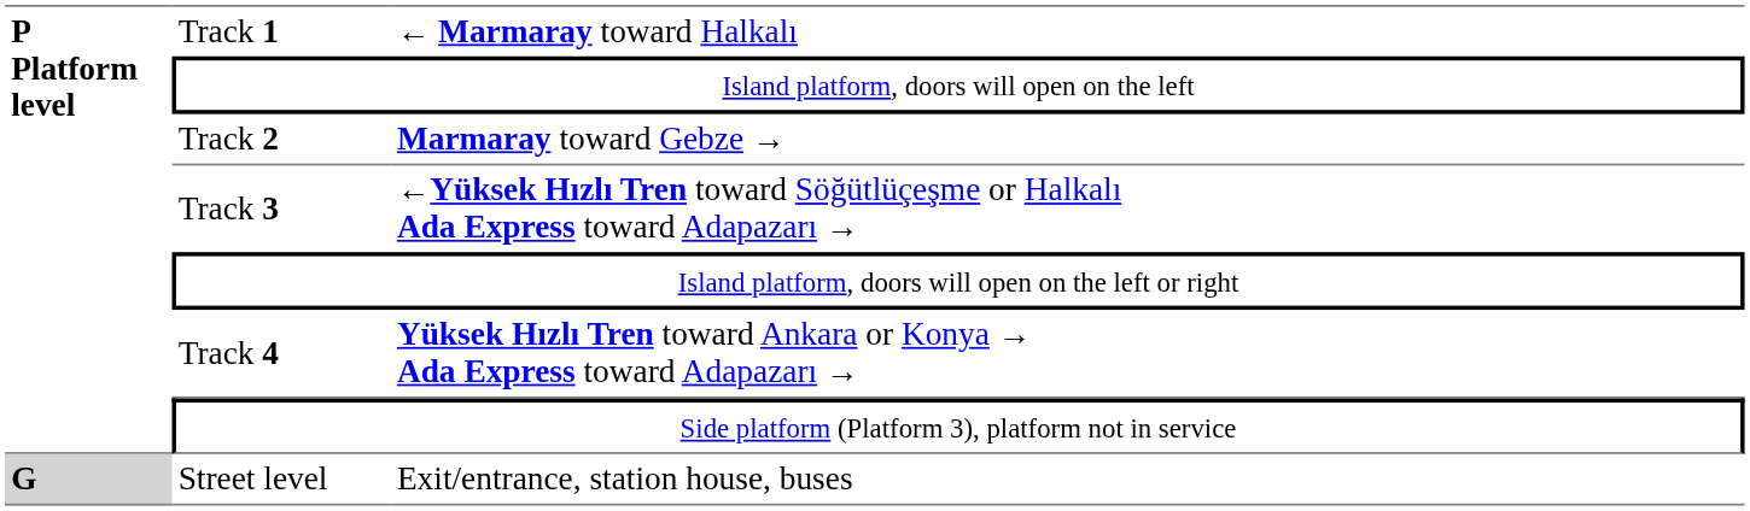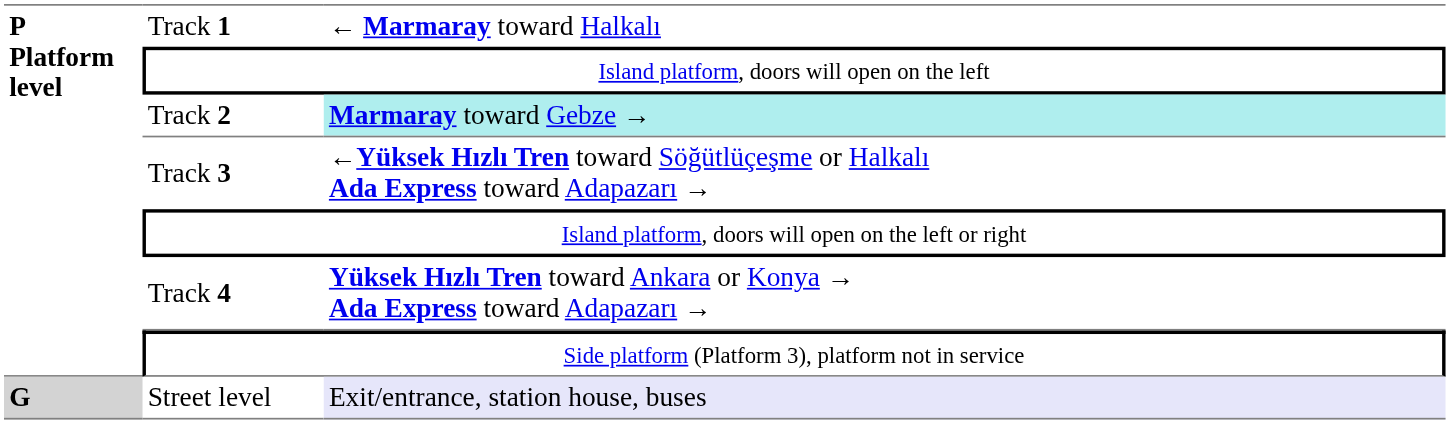 <table border=0 cellspacing=0 cellpadding=3>
 <tr>
 <td style="border-top:solid 1px gray;border-bottom:solid 1px gray;vertical-align:top;" width=50 rowspan=7><strong>P<br>Platform level</strong></td>
 <td style="border-top:solid 1px gray;" width=100>Track <strong>1</strong></td>
 <td style="border-top:solid 1px gray;" width=650>← <strong><a href='#'>Marmaray</a></strong> toward <a href='#'>Halkalı</a></td>
 </tr>
 <tr>
 <td style="border-top:solid 2px black;border-right:solid 2px black;border-left:solid 2px black;border-bottom:solid 2px black;text-align:center;" colspan=2><small><a href='#'>Island platform</a>, doors will open on the left </small></td>
 </tr>
 <tr>
 <td width=100>Track <strong>2</strong></td>
-<td width=500><strong><a href='#'>Marmaray</a></strong> toward <a href='#'>Gebze</a> →</td>
+<td width=500 style="background: paleturquoise;"><strong><a href='#'>Marmaray</a></strong> toward <a href='#'>Gebze</a> →</td>
 </tr>
 <tr>
 <td style="border-top:solid 1px gray;" width=100>Track <strong>3</strong></td>
 <td style="border-top:solid 1px gray;" width=500>←<strong><a href='#'><span>Yüksek Hızlı Tren</span></a></strong> toward <a href='#'>Söğütlüçeşme</a> or <a href='#'>Halkalı</a><br> <strong><a href='#'><span>Ada Express</span></a></strong> toward <a href='#'>Adapazarı</a> →</td>
 </tr>
 <tr>
 <td style="border-top:solid 2px black;border-right:solid 2px black;border-left:solid 2px black;border-bottom:solid 2px black;text-align:center;" colspan=2><small><a href='#'>Island platform</a>, doors will open on the left or right </small></td>
 </tr>
 <tr>
 <td style="border-bottom:solid 1px gray;">Track <strong>4</strong></td>
 <td style="border-bottom:solid 1px gray;"><strong><a href='#'><span>Yüksek Hızlı Tren</span></a></strong> toward <a href='#'>Ankara</a> or <a href='#'>Konya</a> →<br> <strong><a href='#'><span>Ada Express</span></a></strong> toward <a href='#'>Adapazarı</a> →</td>
 </tr>
 <tr>
 <td style="border-top:solid 2px black;border-right:solid 2px black;border-left:solid 2px black;border-bottom:solid 1px gray;text-align:center;" colspan=2><small><a href='#'>Side platform</a> (Platform 3), platform not in service</small></td>
 </tr>
 <tr>
 <td style="background: lightgrey; border-bottom:solid 1px gray;" width=75><strong>G</strong></td>
 <td style="border-bottom:solid 1px gray;" width=100>Street level</td>
-<td style="border-bottom:solid 1px gray;" width=550>Exit/entrance, station house, buses</td>
+<td style="background: lavender; border-bottom:solid 1px gray;" width=550>Exit/entrance, station house, buses</td>
 </tr>
 </table>
